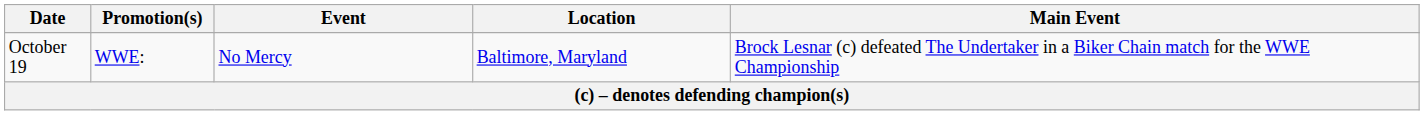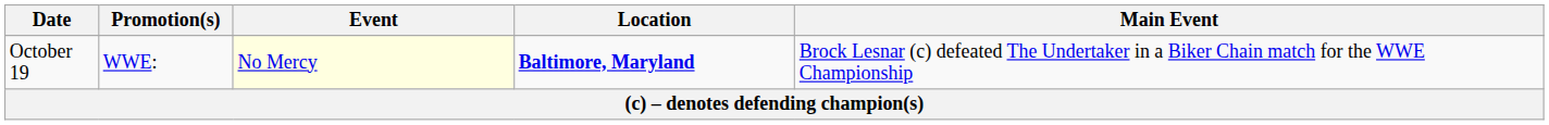 <table class="wikitable" style="width:100%;">
 <tr>
 <th width="5%">Date</th>
 <th width="5%">Promotion(s)</th>
 <th style="width:15%;">Event</th>
 <th style="width:15%;">Location</th>
 <th style="width:40%;">Main Event</th>
 </tr>
 <tr style="width:20%;" |Notes>
 </tr>
 <tr>
 <td>October 19</td>
 <td><a href='#'>WWE</a>:<br></td>
-<td><a href='#'>No Mercy</a></td>
-<td><a href='#'>Baltimore, Maryland</a></td>
+<td style="background: lightyellow;"><a href='#'>No Mercy</a></td>
+<td><strong><a href='#'>Baltimore, Maryland</a></strong></td>
 <td><a href='#'>Brock Lesnar</a> (c) defeated <a href='#'>The Undertaker</a> in a <a href='#'>Biker Chain match</a> for the <a href='#'>WWE Championship</a></td>
 </tr>
 <tr>
 <th colspan="6">(c) – denotes defending champion(s)</th>
 </tr>
 </table>
